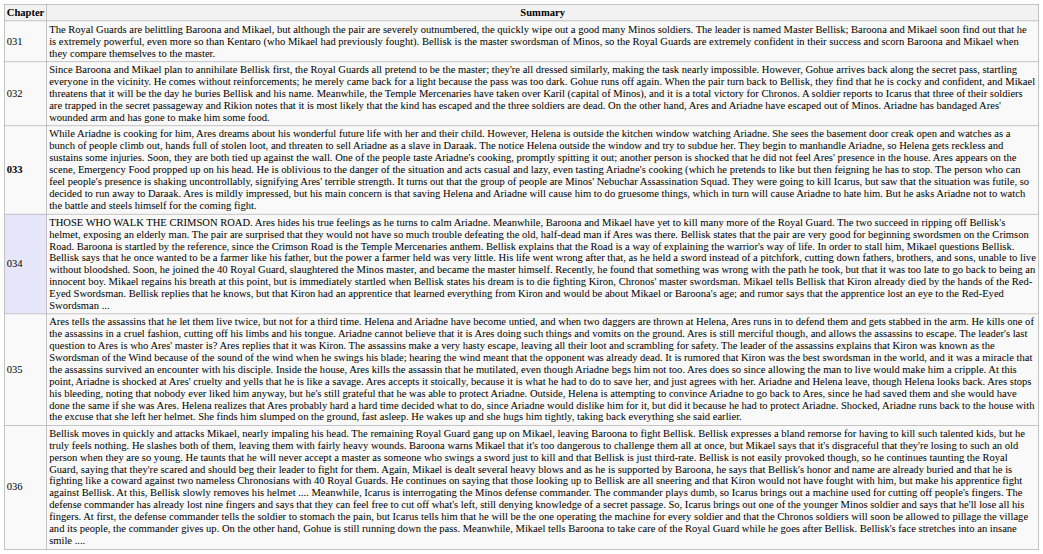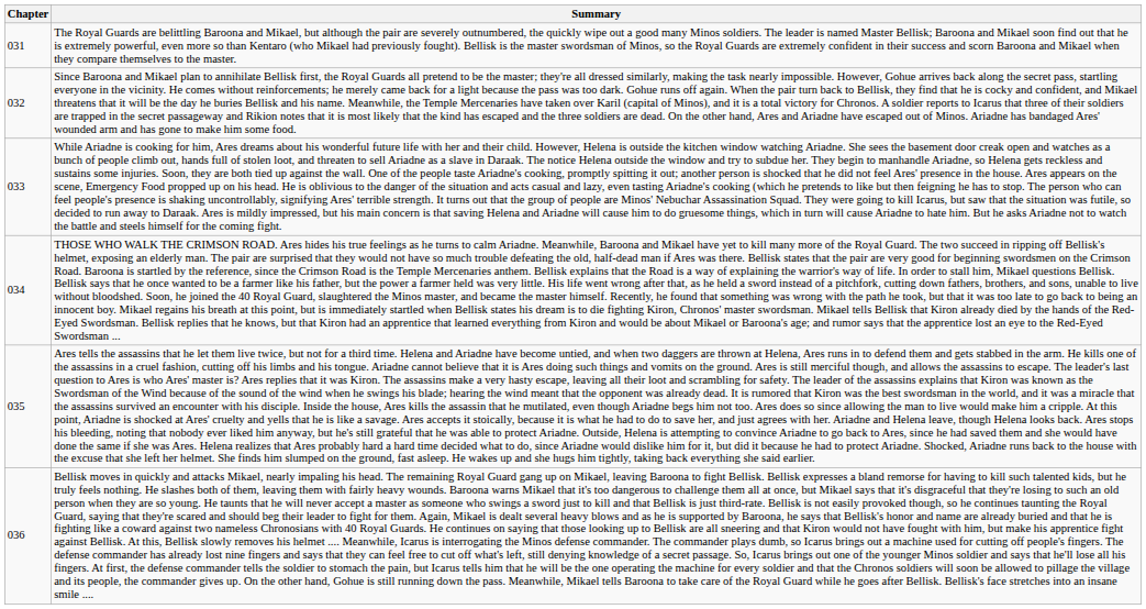 <table class="wikitable">
 <tr>
 <th>Chapter</th>
 <th>Summary</th>
 </tr>
 <tr>
 <td>031</td>
 <td>The Royal Guards are belittling Baroona and Mikael, but although the pair are severely outnumbered, the quickly wipe out a good many Minos soldiers. The leader is named Master Bellisk; Baroona and Mikael soon find out that he is extremely powerful, even more so than Kentaro (who Mikael had previously fought). Bellisk is the master swordsman of Minos, so the Royal Guards are extremely confident in their success and scorn Baroona and Mikael when they compare themselves to the master.</td>
 </tr>
 <tr>
 <td>032</td>
 <td>Since Baroona and Mikael plan to annihilate Bellisk first, the Royal Guards all pretend to be the master; they're all dressed similarly, making the task nearly impossible. However, Gohue arrives back along the secret pass, startling everyone in the vicinity. He comes without reinforcements; he merely came back for a light because the pass was too dark. Gohue runs off again. When the pair turn back to Bellisk, they find that he is cocky and confident, and Mikael threatens that it will be the day he buries Bellisk and his name. Meanwhile, the Temple Mercenaries have taken over Karil (capital of Minos), and it is a total victory for Chronos. A soldier reports to Icarus that three of their soldiers are trapped in the secret passageway and Rikion notes that it is most likely that the kind has escaped and the three soldiers are dead. On the other hand, Ares and Ariadne have escaped out of Minos. Ariadne has bandaged Ares' wounded arm and has gone to make him some food.</td>
 </tr>
 <tr>
-<td><strong>033</strong></td>
+<td>033</td>
 <td>While Ariadne is cooking for him, Ares dreams about his wonderful future life with her and their child. However, Helena is outside the kitchen window watching Ariadne. She sees the basement door creak open and watches as a bunch of people climb out, hands full of stolen loot, and threaten to sell Ariadne as a slave in Daraak. The notice Helena outside the window and try to subdue her. They begin to manhandle Ariadne, so Helena gets reckless and sustains some injuries. Soon, they are both tied up against the wall. One of the people taste Ariadne's cooking, promptly spitting it out; another person is shocked that he did not feel Ares' presence in the house. Ares appears on the scene, Emergency Food propped up on his head. He is oblivious to the danger of the situation and acts casual and lazy, even tasting Ariadne's cooking (which he pretends to like but then feigning he has to stop. The person who can feel people's presence is shaking uncontrollably, signifying Ares' terrible strength. It turns out that the group of people are Minos' Nebuchar Assassination Squad. They were going to kill Icarus, but saw that the situation was futile, so decided to run away to Daraak. Ares is mildly impressed, but his main concern is that saving Helena and Ariadne will cause him to do gruesome things, which in turn will cause Ariadne to hate him. But he asks Ariadne not to watch the battle and steels himself for the coming fight.</td>
 </tr>
 <tr>
-<td style="background: lavender;">034</td>
+<td>034</td>
 <td>THOSE WHO WALK THE CRIMSON ROAD. Ares hides his true feelings as he turns to calm Ariadne. Meanwhile, Baroona and Mikael have yet to kill many more of the Royal Guard. The two succeed in ripping off Bellisk's helmet, exposing an elderly man. The pair are surprised that they would not have so much trouble defeating the old, half-dead man if Ares was there. Bellisk states that the pair are very good for beginning swordsmen on the Crimson Road. Baroona is startled by the reference, since the Crimson Road is the Temple Mercenaries anthem. Bellisk explains that the Road is a way of explaining the warrior's way of life. In order to stall him, Mikael questions Bellisk. Bellisk says that he once wanted to be a farmer like his father, but the power a farmer held was very little. His life went wrong after that, as he held a sword instead of a pitchfork, cutting down fathers, brothers, and sons, unable to live without bloodshed. Soon, he joined the 40 Royal Guard, slaughtered the Minos master, and became the master himself. Recently, he found that something was wrong with the path he took, but that it was too late to go back to being an innocent boy. Mikael regains his breath at this point, but is immediately startled when Bellisk states his dream is to die fighting Kiron, Chronos' master swordsman. Mikael tells Bellisk that Kiron already died by the hands of the Red-Eyed Swordsman. Bellisk replies that he knows, but that Kiron had an apprentice that learned everything from Kiron and would be about Mikael or Baroona's age; and rumor says that the apprentice lost an eye to the Red-Eyed Swordsman ...</td>
 </tr>
 <tr>
 <td>035</td>
 <td>Ares tells the assassins that he let them live twice, but not for a third time. Helena and Ariadne have become untied, and when two daggers are thrown at Helena, Ares runs in to defend them and gets stabbed in the arm. He kills one of the assassins in a cruel fashion, cutting off his limbs and his tongue. Ariadne cannot believe that it is Ares doing such things and vomits on the ground. Ares is still merciful though, and allows the assassins to escape. The leader's last question to Ares is who Ares' master is? Ares replies that it was Kiron. The assassins make a very hasty escape, leaving all their loot and scrambling for safety. The leader of the assassins explains that Kiron was known as the Swordsman of the Wind because of the sound of the wind when he swings his blade; hearing the wind meant that the opponent was already dead. It is rumored that Kiron was the best swordsman in the world, and it was a miracle that the assassins survived an encounter with his disciple. Inside the house, Ares kills the assassin that he mutilated, even though Ariadne begs him not too. Ares does so since allowing the man to live would make him a cripple. At this point, Ariadne is shocked at Ares' cruelty and yells that he is like a savage. Ares accepts it stoically, because it is what he had to do to save her, and just agrees with her. Ariadne and Helena leave, though Helena looks back. Ares stops his bleeding, noting that nobody ever liked him anyway, but he's still grateful that he was able to protect Ariadne. Outside, Helena is attempting to convince Ariadne to go back to Ares, since he had saved them and she would have done the same if she was Ares. Helena realizes that Ares probably hard a hard time decided what to do, since Ariadne would dislike him for it, but did it because he had to protect Ariadne. Shocked, Ariadne runs back to the house with the excuse that she left her helmet. She finds him slumped on the ground, fast asleep. He wakes up and she hugs him tightly, taking back everything she said earlier.</td>
 </tr>
 <tr>
 <td>036</td>
 <td>Bellisk moves in quickly and attacks Mikael, nearly impaling his head. The remaining Royal Guard gang up on Mikael, leaving Baroona to fight Bellisk. Bellisk expresses a bland remorse for having to kill such talented kids, but he truly feels nothing. He slashes both of them, leaving them with fairly heavy wounds. Baroona warns Mikael that it's too dangerous to challenge them all at once, but Mikael says that it's disgraceful that they're losing to such an old person when they are so young. He taunts that he will never accept a master as someone who swings a sword just to kill and that Bellisk is just third-rate. Bellisk is not easily provoked though, so he continues taunting the Royal Guard, saying that they're scared and should beg their leader to fight for them. Again, Mikael is dealt several heavy blows and as he is supported by Baroona, he says that Bellisk's honor and name are already buried and that he is fighting like a coward against two nameless Chronosians with 40 Royal Guards. He continues on saying that those looking up to Bellisk are all sneering and that Kiron would not have fought with him, but make his apprentice fight against Bellisk. At this, Bellisk slowly removes his helmet .... Meanwhile, Icarus is interrogating the Minos defense commander. The commander plays dumb, so Icarus brings out a machine used for cutting off people's fingers. The defense commander has already lost nine fingers and says that they can feel free to cut off what's left, still denying knowledge of a secret passage. So, Icarus brings out one of the younger Minos soldier and says that he'll lose all his fingers. At first, the defense commander tells the soldier to stomach the pain, but Icarus tells him that he will be the one operating the machine for every soldier and that the Chronos soldiers will soon be allowed to pillage the village and its people, the commander gives up. On the other hand, Gohue is still running down the pass. Meanwhile, Mikael tells Baroona to take care of the Royal Guard while he goes after Bellisk. Bellisk's face stretches into an insane smile ....</td>
 </tr>
 </table>
